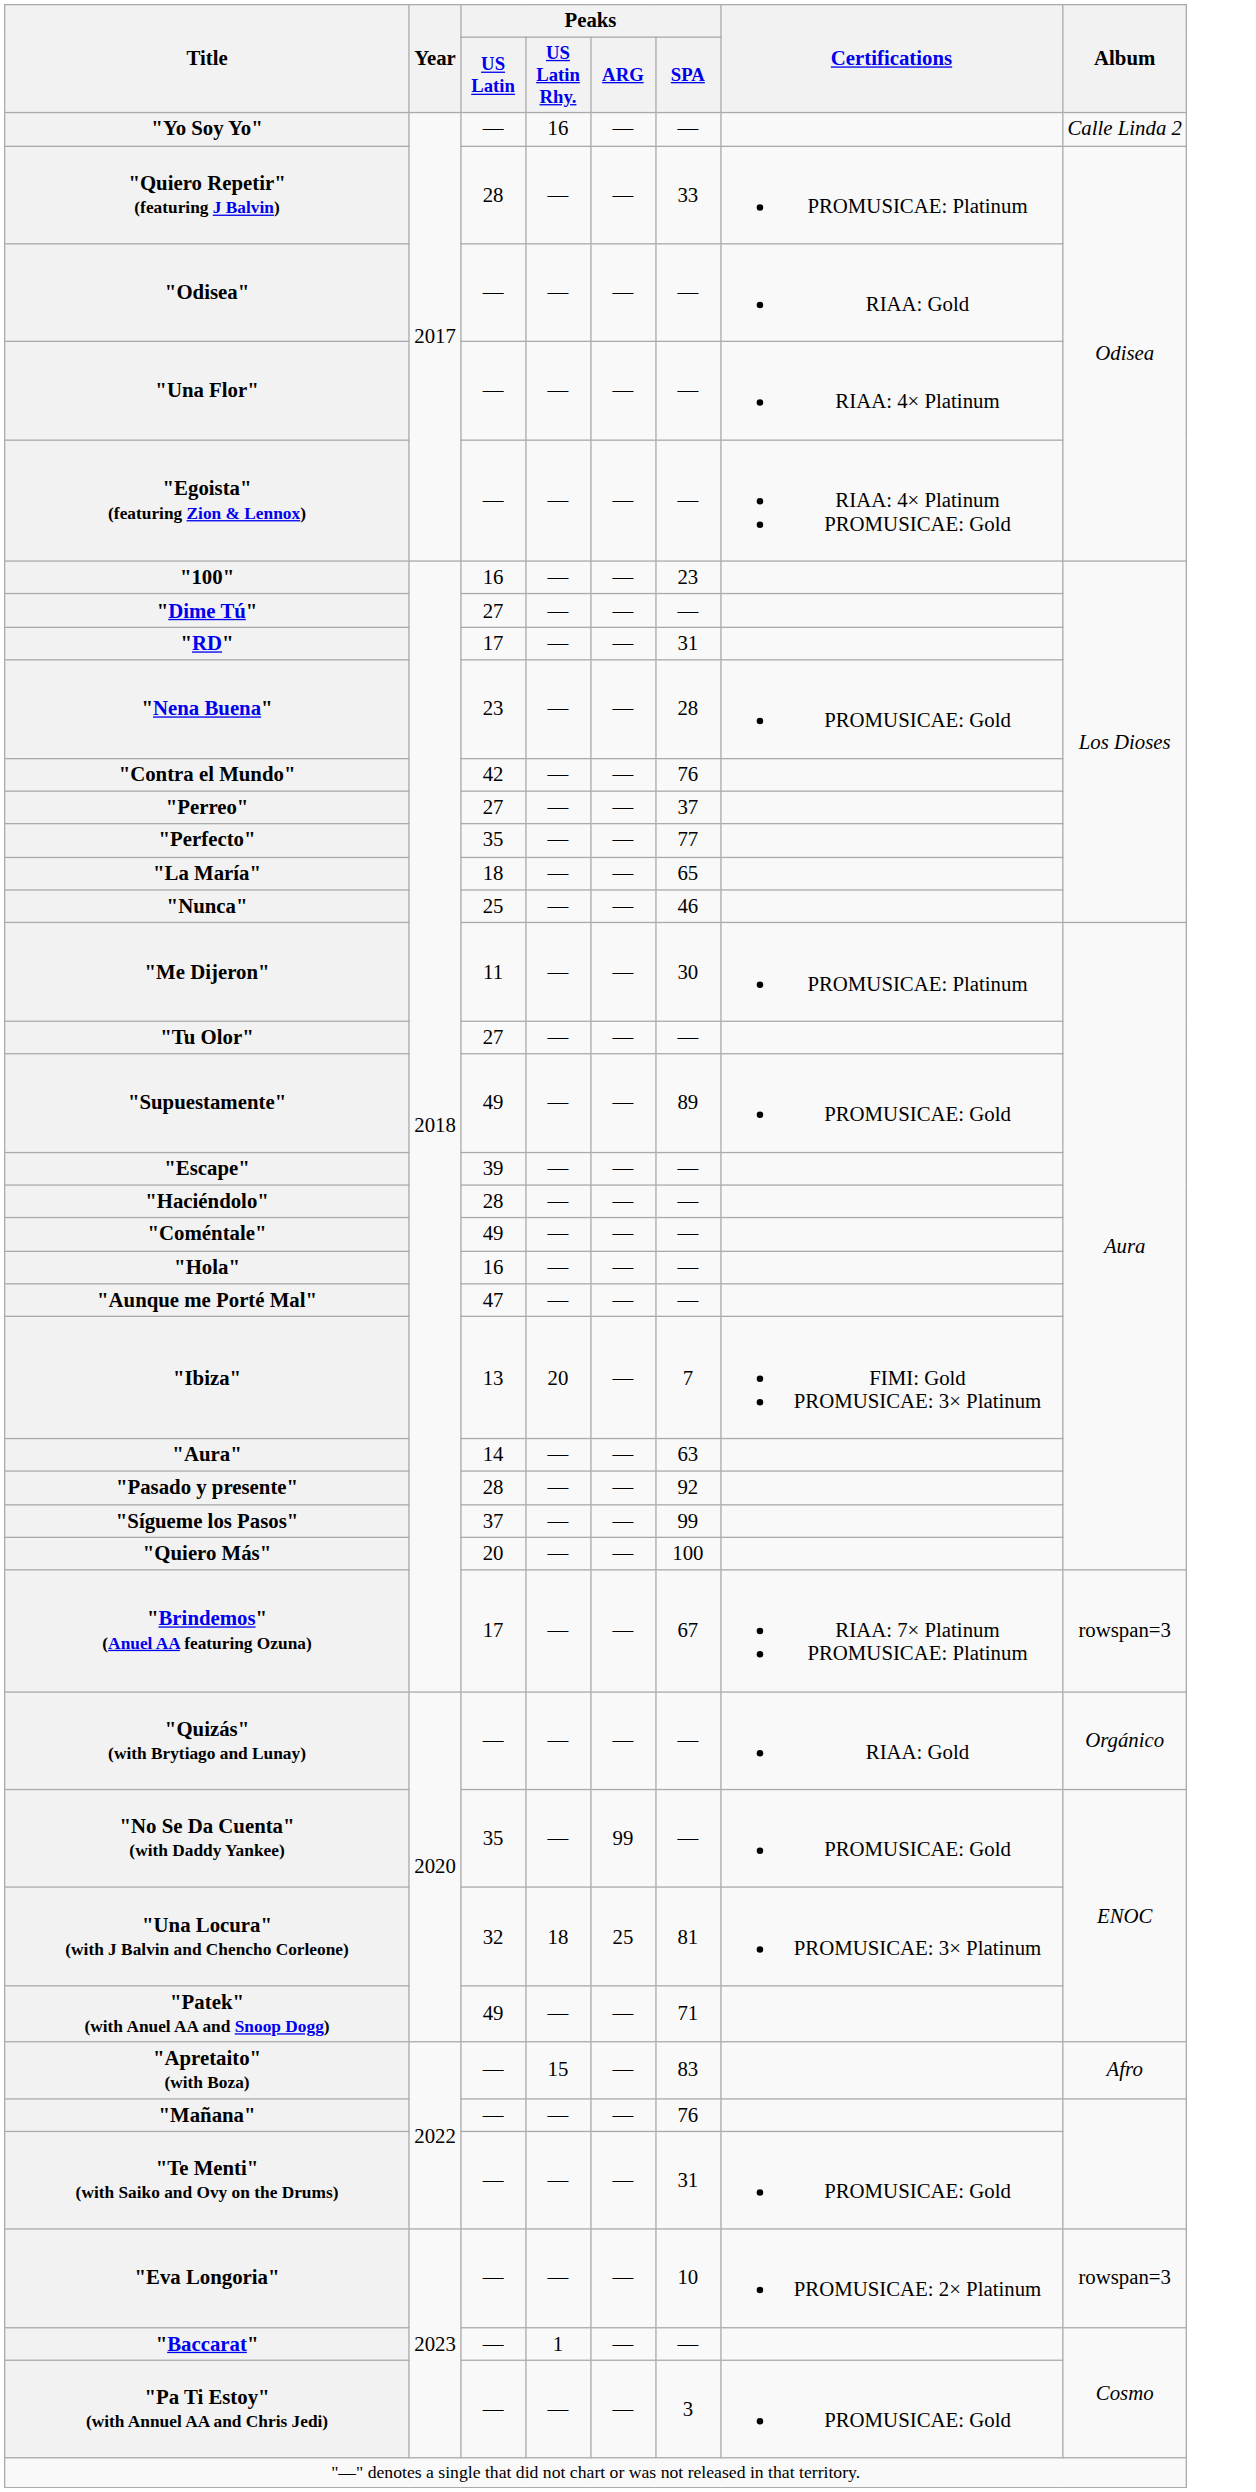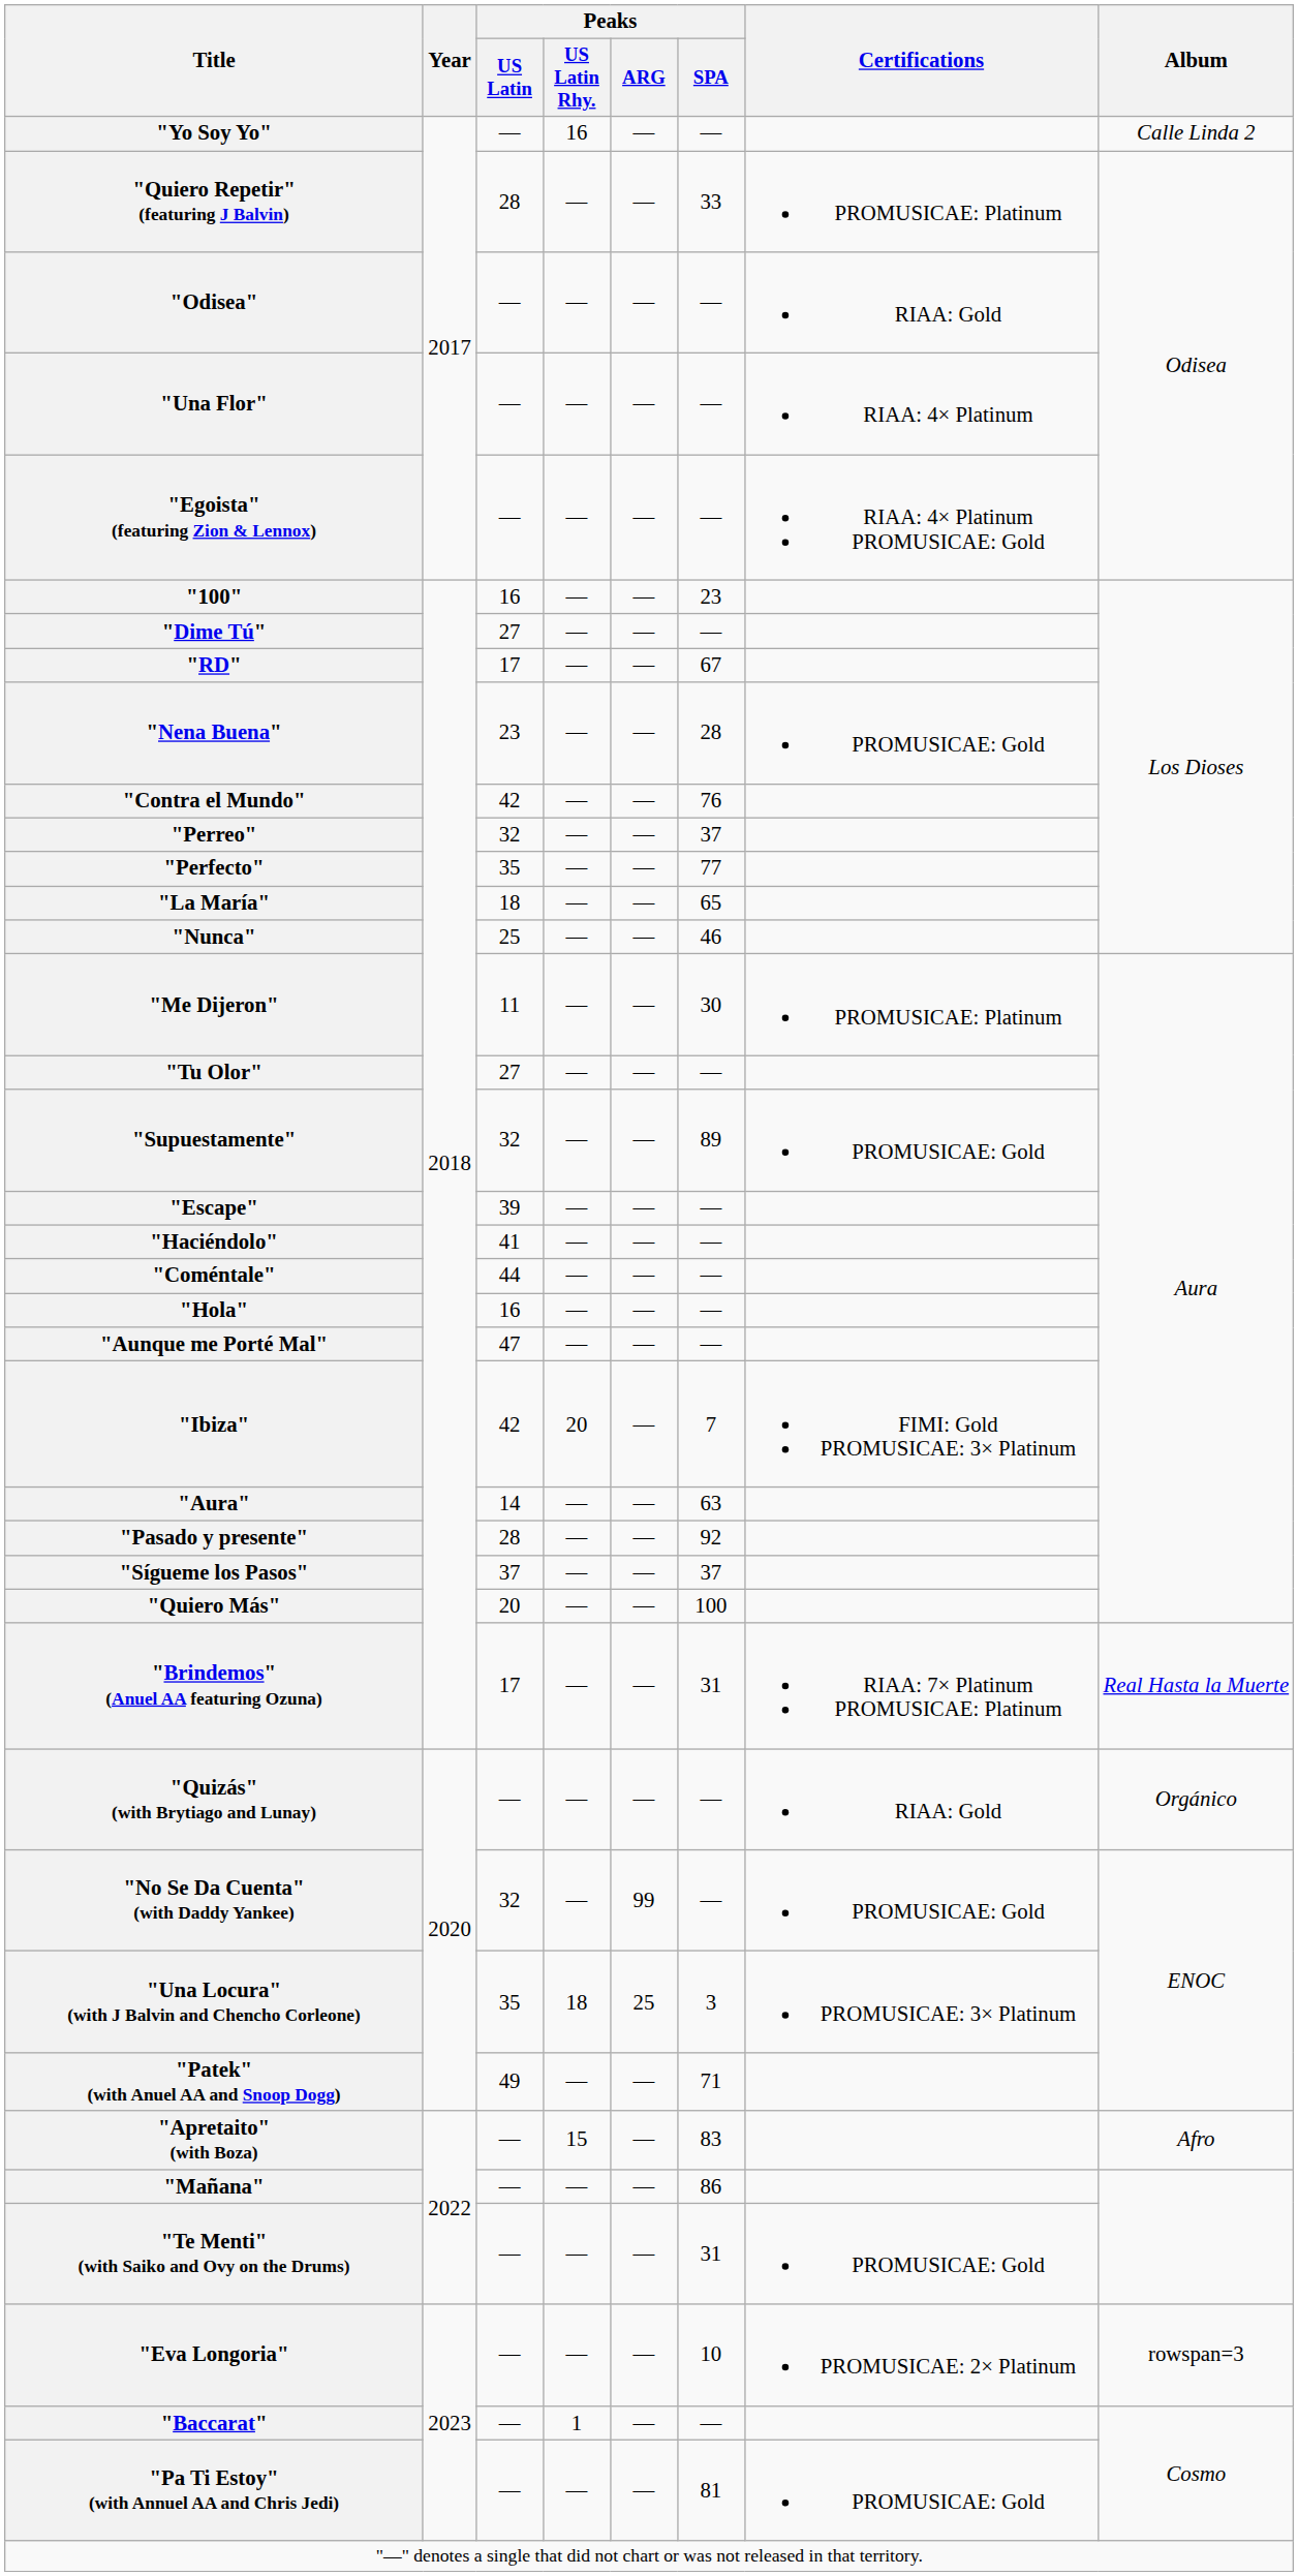 <table class="wikitable plainrowheaders" style="text-align:center;">
 <tr>
 <th rowspan="2" scope="col" style="width:19em;">Title</th>
 <th rowspan="2" scope="col">Year</th>
 <th colspan="4" scope="col">Peaks</th>
 <th rowspan="2" scope="col" style="width:16em;"><a href='#'>Certifications</a></th>
 <th rowspan="2" scope="col">Album</th>
 </tr>
 <tr>
 <th scope="col" style="width:3em;font-size:90%;"><a href='#'>US<br>Latin</a><br></th>
 <th scope="col" style="width:3em;font-size:90%;"><a href='#'>US<br>Latin<br>Rhy.</a><br></th>
 <th scope="col" style="width:3em;font-size:90%;"><a href='#'>ARG</a><br></th>
 <th scope="col" style="width:3em;font-size:90%;"><a href='#'>SPA</a><br></th>
 </tr>
 <tr>
 <th scope="row">"Yo Soy Yo"<br></th>
 <td rowspan="5">2017</td>
 <td>—</td>
 <td>16</td>
 <td>—</td>
 <td>—</td>
 <td></td>
 <td><em>Calle Linda 2</em></td>
 </tr>
 <tr>
 <th scope="row">"Quiero Repetir"<br><small>(featuring <a href='#'>J Balvin</a>)</small></th>
 <td>28</td>
 <td>—</td>
 <td>—</td>
 <td>33</td>
 <td><br><ul><li>PROMUSICAE: Platinum</li></ul></td>
 <td rowspan="4"><em>Odisea</em></td>
 </tr>
 <tr>
 <th scope="row">"Odisea"</th>
 <td>—</td>
 <td>—</td>
 <td>—</td>
 <td>—</td>
 <td><br><ul><li>RIAA: Gold </li></ul></td>
 </tr>
 <tr>
 <th scope="row">"Una Flor"</th>
 <td>—</td>
 <td>—</td>
 <td>—</td>
 <td>—</td>
 <td><br><ul><li>RIAA: 4× Platinum </li></ul></td>
 </tr>
 <tr>
 <th scope="row">"Egoista"<br><small>(featuring <a href='#'>Zion & Lennox</a>)</small></th>
 <td>—</td>
 <td>—</td>
 <td>—</td>
 <td>—</td>
 <td><br><ul><li>RIAA: 4× Platinum </li><li>PROMUSICAE: Gold</li></ul></td>
 </tr>
 <tr>
 <th scope="row">"100"<br></th>
 <td rowspan="23">2018</td>
 <td>16</td>
 <td>—</td>
 <td>—</td>
 <td>23</td>
 <td></td>
 <td rowspan="9"><em>Los Dioses</em></td>
 </tr>
 <tr>
 <th scope="row">"<a href='#'>Dime Tú</a>"<br></th>
 <td>27</td>
 <td>—</td>
 <td>—</td>
 <td>—</td>
 <td></td>
 </tr>
 <tr>
 <th scope="row">"<a href='#'>RD</a>"<br></th>
 <td>17</td>
 <td>—</td>
 <td>—</td>
-<td>31</td>
+<td>67</td>
 <td></td>
 </tr>
 <tr>
 <th scope="row">"<a href='#'>Nena Buena</a>"<br></th>
 <td>23</td>
 <td>—</td>
 <td>—</td>
 <td>28</td>
 <td><br><ul><li>PROMUSICAE: Gold</li></ul></td>
 </tr>
 <tr>
 <th scope="row">"Contra el Mundo"<br></th>
 <td>42</td>
 <td>—</td>
 <td>—</td>
 <td>76</td>
 <td></td>
 </tr>
 <tr>
 <th scope="row">"Perreo"<br></th>
-<td>27</td>
+<td>32</td>
 <td>—</td>
 <td>—</td>
 <td>37</td>
 <td></td>
 </tr>
 <tr>
 <th scope="row">"Perfecto"<br></th>
 <td>35</td>
 <td>—</td>
 <td>—</td>
 <td>77</td>
 <td></td>
 </tr>
 <tr>
 <th scope="row">"La María"<br></th>
 <td>18</td>
 <td>—</td>
 <td>—</td>
 <td>65</td>
 <td></td>
 </tr>
 <tr>
 <th scope="row">"Nunca"<br></th>
 <td>25</td>
 <td>—</td>
 <td>—</td>
 <td>46</td>
 <td></td>
 </tr>
 <tr>
 <th scope="row">"Me Dijeron"</th>
 <td>11</td>
 <td>—</td>
 <td>—</td>
 <td>30</td>
 <td><br><ul><li>PROMUSICAE: Platinum</li></ul></td>
 <td rowspan="13"><em>Aura</em></td>
 </tr>
 <tr>
 <th scope="row">"Tu Olor"</th>
 <td>27</td>
 <td>—</td>
 <td>—</td>
 <td>—</td>
 <td></td>
 </tr>
 <tr>
 <th scope="row">"Supuestamente"<br></th>
-<td>49</td>
+<td>32</td>
 <td>—</td>
 <td>—</td>
 <td>89</td>
 <td><br><ul><li>PROMUSICAE: Gold</li></ul></td>
 </tr>
 <tr>
 <th scope="row">"Escape"</th>
 <td>39</td>
 <td>—</td>
 <td>—</td>
 <td>—</td>
 <td></td>
 </tr>
 <tr>
 <th scope="row">"Haciéndolo"<br></th>
-<td>28</td>
+<td>41</td>
 <td>—</td>
 <td>—</td>
 <td>—</td>
 <td></td>
 </tr>
 <tr>
 <th scope="row">"Coméntale"<br></th>
-<td>49</td>
+<td>44</td>
 <td>—</td>
 <td>—</td>
 <td>—</td>
 <td></td>
 </tr>
 <tr>
 <th scope="row">"Hola"</th>
 <td>16</td>
 <td>—</td>
 <td>—</td>
 <td>—</td>
 <td></td>
 </tr>
 <tr>
 <th scope="row">"Aunque me Porté Mal"</th>
 <td>47</td>
 <td>—</td>
 <td>—</td>
 <td>—</td>
 <td></td>
 </tr>
 <tr>
 <th scope="row">"Ibiza"<br></th>
-<td>13</td>
+<td>42</td>
 <td>20</td>
 <td>—</td>
 <td>7</td>
 <td><br><ul><li>FIMI: Gold</li><li>PROMUSICAE: 3× Platinum</li></ul></td>
 </tr>
 <tr>
 <th scope="row">"Aura"<br></th>
 <td>14</td>
 <td>—</td>
 <td>—</td>
 <td>63</td>
 <td></td>
 </tr>
 <tr>
 <th scope="row">"Pasado y presente"<br></th>
 <td>28</td>
 <td>—</td>
 <td>—</td>
 <td>92</td>
 <td></td>
 </tr>
 <tr>
 <th scope="row">"Sígueme los Pasos"<br></th>
 <td>37</td>
 <td>—</td>
 <td>—</td>
-<td>99</td>
+<td>37</td>
 <td></td>
 </tr>
 <tr>
 <th scope="row">"Quiero Más"<br></th>
 <td>20</td>
 <td>—</td>
 <td>—</td>
 <td>100</td>
 <td></td>
 </tr>
 <tr>
 <th scope="row">"<a href='#'>Brindemos</a>"<br><small>(<a href='#'>Anuel AA</a> featuring Ozuna)</small></th>
 <td>17</td>
 <td>—</td>
 <td>—</td>
-<td>67</td>
+<td>31</td>
 <td><br><ul><li>RIAA: 7× Platinum </li><li>PROMUSICAE: Platinum</li></ul></td>
-<td>rowspan=3</td>
+<td><em><a href='#'>Real Hasta la Muerte</a></em></td>
 </tr>
 <tr>
 <th scope="row">"Quizás"<br><small>(with Brytiago and Lunay)</small></th>
 <td rowspan="4">2020</td>
 <td>—</td>
 <td>—</td>
 <td>—</td>
 <td>—</td>
 <td><br><ul><li>RIAA: Gold </li></ul></td>
 <td><em>Orgánico</em></td>
 </tr>
 <tr>
 <th scope="row">"No Se Da Cuenta"<br><small>(with Daddy Yankee)</small></th>
-<td>35</td>
+<td>32</td>
 <td>—</td>
 <td>99</td>
 <td>—</td>
 <td><br><ul><li>PROMUSICAE: Gold</li></ul></td>
 <td rowspan="3"><em>ENOC</em></td>
 </tr>
 <tr>
 <th scope="row">"Una Locura"<br><small>(with J Balvin and Chencho Corleone)</small></th>
-<td>32</td>
+<td>35</td>
 <td>18</td>
 <td>25</td>
-<td>81</td>
+<td>3</td>
 <td><br><ul><li>PROMUSICAE: 3× Platinum</li></ul></td>
 </tr>
 <tr>
 <th scope="row">"Patek"<br><small>(with Anuel AA and <a href='#'>Snoop Dogg</a>)</small></th>
 <td>49</td>
 <td>—</td>
 <td>—</td>
 <td>71</td>
 <td></td>
 </tr>
 <tr>
 <th scope="row">"Apretaito"<br><small>(with Boza)</small></th>
 <td rowspan=3>2022</td>
 <td>—</td>
 <td>15</td>
 <td>—</td>
 <td>83</td>
 <td></td>
 <td><em>Afro</em></td>
 </tr>
 <tr>
 <th scope="row">"Mañana"</th>
 <td>—</td>
 <td>—</td>
 <td>—</td>
-<td>76</td>
+<td>86</td>
 <td></td>
 </tr>
 <tr>
 <th scope="row">"Te Menti"<br><small>(with Saiko and Ovy on the Drums)</small></th>
 <td>—</td>
 <td>—</td>
 <td>—</td>
 <td>31</td>
 <td><br><ul><li>PROMUSICAE: Gold</li></ul></td>
 </tr>
 <tr>
 <th scope="row">"Eva Longoria"<br></th>
 <td rowspan=3>2023</td>
 <td>—</td>
 <td>—</td>
 <td>—</td>
 <td>10</td>
 <td><br><ul><li>PROMUSICAE: 2× Platinum</li></ul></td>
 <td>rowspan=3</td>
 </tr>
 <tr>
 <th scope="row">"<a href='#'>Baccarat</a>"</th>
 <td>—</td>
 <td>1</td>
 <td>—</td>
 <td>—</td>
 <td></td>
 <td rowspan=2><em>Cosmo</em></td>
 </tr>
 <tr>
 <th scope="row">"Pa Ti Estoy" <br><small>(with Annuel AA and Chris Jedi)</small></th>
 <td>—</td>
 <td>—</td>
 <td>—</td>
-<td>3</td>
+<td>81</td>
 <td><br><ul><li>PROMUSICAE: Gold</li></ul></td>
 </tr>
 <tr>
 <td colspan="15" style="font-size:85%">"—" denotes a single that did not chart or was not released in that territory.</td>
 </tr>
 </table>
